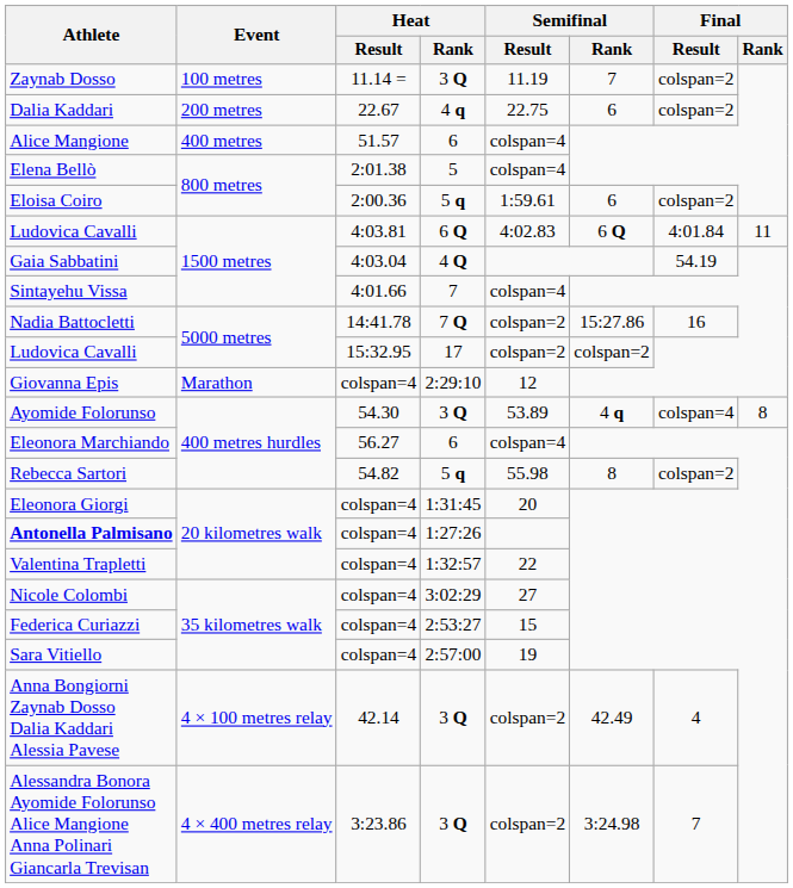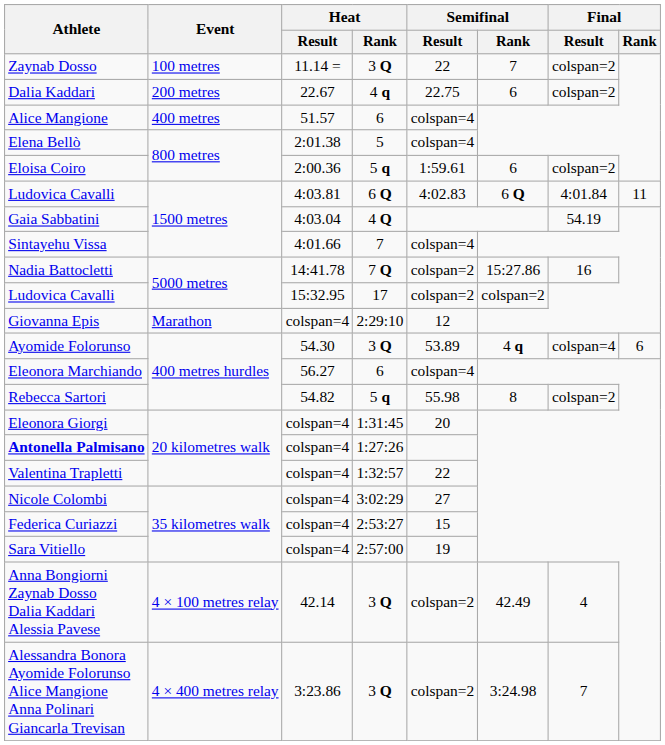 <table class="wikitable" style="font-size:90%">
 <tr>
 <th rowspan="2">Athlete</th>
 <th rowspan="2">Event</th>
 <th colspan="2">Heat</th>
 <th colspan="2">Semifinal</th>
 <th colspan="2">Final</th>
 </tr>
 <tr style="font-size:95%">
 <th>Result</th>
 <th>Rank</th>
 <th>Result</th>
 <th>Rank</th>
 <th>Result</th>
 <th>Rank</th>
 </tr>
 <tr align=center>
 <td align=left><a href='#'>Zaynab Dosso</a></td>
 <td align=left><a href='#'>100 metres</a></td>
 <td>11.14 =</td>
 <td>3 <strong>Q</strong></td>
-<td>11.19</td>
+<td>22</td>
 <td>7</td>
 <td>colspan=2 </td>
 </tr>
 <tr align=center>
 <td align=left><a href='#'>Dalia Kaddari</a></td>
 <td align=left><a href='#'>200 metres</a></td>
 <td>22.67 </td>
 <td>4 <strong>q</strong></td>
 <td>22.75</td>
 <td>6</td>
 <td>colspan=2 </td>
 </tr>
 <tr align=center>
 <td align=left><a href='#'>Alice Mangione</a></td>
 <td align=left><a href='#'>400 metres</a></td>
 <td>51.57</td>
 <td>6</td>
 <td>colspan=4 </td>
 </tr>
 <tr align=center>
 <td align=left><a href='#'>Elena Bellò</a></td>
 <td align=left rowspan=2><a href='#'>800 metres</a></td>
 <td>2:01.38</td>
 <td>5</td>
 <td>colspan=4 </td>
 </tr>
 <tr align=center>
 <td align=left><a href='#'>Eloisa Coiro</a></td>
 <td>2:00.36</td>
 <td>5 <strong>q</strong></td>
 <td>1:59.61 </td>
 <td>6</td>
 <td>colspan=2 </td>
 </tr>
 <tr align=center>
 <td align=left><a href='#'>Ludovica Cavalli</a></td>
 <td align=left rowspan=3><a href='#'>1500 metres</a></td>
 <td>4:03.81</td>
 <td>6 <strong>Q</strong></td>
 <td>4:02.83 </td>
 <td>6 <strong>Q</strong></td>
 <td>4:01.84 </td>
 <td>11</td>
 </tr>
 <tr align=center>
 <td align=left><a href='#'>Gaia Sabbatini</a></td>
 <td>4:03.04</td>
 <td>4 <strong>Q</strong></td>
 <td colspan=2></td>
 <td>54.19</td>
 </tr>
 <tr align=center>
 <td align=left><a href='#'>Sintayehu Vissa</a></td>
 <td>4:01.66 </td>
 <td>7</td>
 <td>colspan=4 </td>
 </tr>
 <tr align=center>
 <td align=left><a href='#'>Nadia Battocletti</a></td>
 <td align=left rowspan=2><a href='#'>5000 metres</a></td>
 <td>14:41.78</td>
 <td>7 <strong>Q</strong></td>
 <td>colspan=2</td>
 <td>15:27.86</td>
 <td>16</td>
 </tr>
 <tr align=center>
 <td align=left><a href='#'>Ludovica Cavalli</a></td>
 <td>15:32.95</td>
 <td>17</td>
 <td>colspan=2</td>
 <td>colspan=2 </td>
 </tr>
 <tr align=center>
 <td align=left><a href='#'>Giovanna Epis</a></td>
 <td align=left><a href='#'>Marathon</a></td>
 <td>colspan=4</td>
 <td>2:29:10</td>
 <td>12</td>
 </tr>
 <tr align=center>
 <td align=left><a href='#'>Ayomide Folorunso</a></td>
 <td align=left rowspan=3><a href='#'>400 metres hurdles</a></td>
 <td>54.30</td>
 <td>3 <strong>Q</strong></td>
 <td>53.89 </td>
 <td>4 <strong>q</strong></td>
 <td>colspan=4 </td>
-<td>8</td>
+<td>6</td>
 </tr>
 <tr align=center>
 <td align=left><a href='#'>Eleonora Marchiando</a></td>
 <td>56.27</td>
 <td>6</td>
 <td>colspan=4 </td>
 </tr>
 <tr align=center>
 <td align=left><a href='#'>Rebecca Sartori</a></td>
 <td>54.82 </td>
 <td>5 <strong>q</strong></td>
 <td>55.98</td>
 <td>8</td>
 <td>colspan=2 </td>
 </tr>
 <tr align=center>
 <td align=left><a href='#'>Eleonora Giorgi</a></td>
 <td align=left rowspan=3><a href='#'>20 kilometres walk</a></td>
 <td>colspan=4</td>
 <td>1:31:45</td>
 <td>20</td>
 </tr>
 <tr align=center>
 <td align=left><strong><a href='#'>Antonella Palmisano</a></strong></td>
 <td>colspan=4</td>
 <td>1:27:26 </td>
 <td></td>
 </tr>
 <tr align=center>
 <td align=left><a href='#'>Valentina Trapletti</a></td>
 <td>colspan=4</td>
 <td>1:32:57</td>
 <td>22</td>
 </tr>
 <tr align=center>
 <td align=left><a href='#'>Nicole Colombi</a></td>
 <td align=left rowspan=3><a href='#'>35 kilometres walk</a></td>
 <td>colspan=4</td>
 <td>3:02:29</td>
 <td>27</td>
 </tr>
 <tr align=center>
 <td align=left><a href='#'>Federica Curiazzi</a></td>
 <td>colspan=4</td>
 <td>2:53:27</td>
 <td>15</td>
 </tr>
 <tr align=center>
 <td align=left><a href='#'>Sara Vitiello</a></td>
 <td>colspan=4</td>
 <td>2:57:00</td>
 <td>19</td>
 </tr>
 <tr align=center>
 <td align=left><a href='#'>Anna Bongiorni</a><br><a href='#'>Zaynab Dosso</a><br><a href='#'>Dalia Kaddari</a><br><a href='#'>Alessia Pavese</a></td>
 <td align=left><a href='#'>4 × 100 metres relay</a></td>
 <td>42.14 </td>
 <td>3 <strong>Q</strong></td>
 <td>colspan=2</td>
 <td>42.49</td>
 <td>4</td>
 </tr>
 <tr align=center>
 <td align=left><a href='#'>Alessandra Bonora</a><br><a href='#'>Ayomide Folorunso</a><br><a href='#'>Alice Mangione</a><br><a href='#'>Anna Polinari</a><br><a href='#'>Giancarla Trevisan</a></td>
 <td align=left><a href='#'>4 × 400 metres relay</a></td>
 <td>3:23.86 </td>
 <td>3 <strong>Q</strong></td>
 <td>colspan=2</td>
 <td>3:24.98</td>
 <td>7</td>
 </tr>
 </table>
